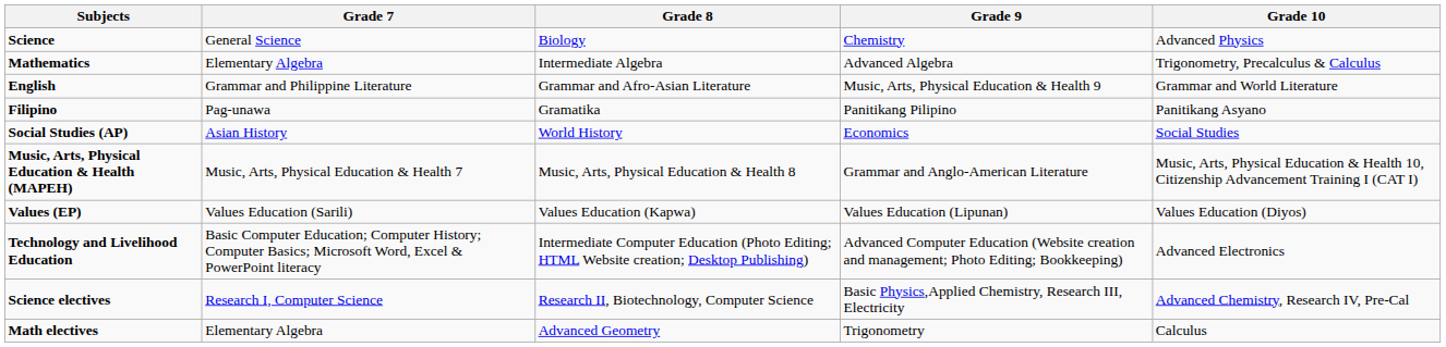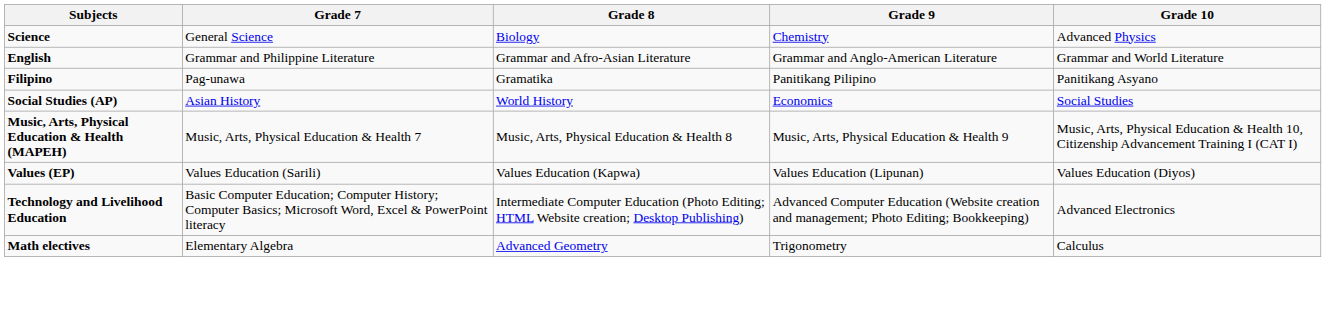 <table class="wikitable">
 <tr>
 <th><strong>Subjects</strong></th>
 <th><strong>Grade 7</strong></th>
 <th><strong>Grade 8</strong></th>
 <th><strong>Grade 9</strong></th>
 <th><strong>Grade 10</strong></th>
 </tr>
 <tr>
 <td><strong>Science</strong></td>
 <td>General <a href='#'>Science</a></td>
 <td><a href='#'>Biology</a></td>
 <td><a href='#'>Chemistry</a></td>
 <td>Advanced <a href='#'>Physics</a></td>
 </tr>
 <tr>
-<td><strong>Mathematics</strong></td>
-<td>Elementary <a href='#'>Algebra</a></td>
-<td>Intermediate Algebra</td>
-<td>Advanced Algebra</td>
-<td>Trigonometry, Precalculus & <a href='#'>Calculus</a></td>
-</tr>
-<tr>
 <td><strong>English</strong></td>
 <td>Grammar and Philippine Literature</td>
 <td>Grammar and Afro-Asian Literature</td>
-<td>Music, Arts, Physical Education & Health 9</td>
+<td>Grammar and Anglo-American Literature</td>
 <td>Grammar and World Literature</td>
 </tr>
 <tr>
 <td><strong>Filipino</strong></td>
 <td>Pag-unawa</td>
 <td>Gramatika</td>
 <td>Panitikang Pilipino</td>
 <td>Panitikang Asyano</td>
 </tr>
 <tr>
 <td><strong>Social Studies (AP)</strong></td>
 <td><a href='#'>Asian History</a></td>
 <td><a href='#'>World History</a></td>
 <td><a href='#'>Economics</a></td>
 <td><a href='#'>Social Studies</a></td>
 </tr>
 <tr>
 <td><strong>Music, Arts, Physical Education & Health (MAPEH)</strong></td>
 <td>Music, Arts, Physical Education & Health 7</td>
 <td>Music, Arts, Physical Education & Health 8</td>
-<td>Grammar and Anglo-American Literature</td>
+<td>Music, Arts, Physical Education & Health 9</td>
 <td>Music, Arts, Physical Education & Health 10, Citizenship Advancement Training I (CAT I)</td>
 </tr>
 <tr>
 <td><strong>Values (EP)</strong></td>
 <td>Values Education (Sarili)</td>
 <td>Values Education (Kapwa)</td>
 <td>Values Education (Lipunan)</td>
 <td>Values Education (Diyos)</td>
 </tr>
 <tr>
 <td><strong>Technology and Livelihood Education</strong></td>
 <td>Basic Computer Education; Computer History; Computer Basics; Microsoft Word, Excel & PowerPoint literacy</td>
 <td>Intermediate Computer Education (Photo Editing; <a href='#'>HTML</a> Website creation; <a href='#'>Desktop Publishing</a>)</td>
 <td>Advanced Computer Education (Website creation and management; Photo Editing; Bookkeeping)</td>
 <td>Advanced Electronics</td>
 </tr>
 <tr>
-<td><strong>Science electives</strong></td>
-<td><a href='#'>Research I, Computer Science</a></td>
-<td><a href='#'>Research II</a>, Biotechnology, Computer Science</td>
-<td>Basic <a href='#'>Physics</a>,Applied Chemistry, Research III, Electricity</td>
-<td><a href='#'>Advanced Chemistry</a>, Research IV, Pre-Cal</td>
-</tr>
-<tr>
 <td><strong>Math electives</strong></td>
 <td>Elementary Algebra</td>
 <td><a href='#'>Advanced Geometry</a></td>
 <td>Trigonometry</td>
 <td>Calculus</td>
 </tr>
 </table>
